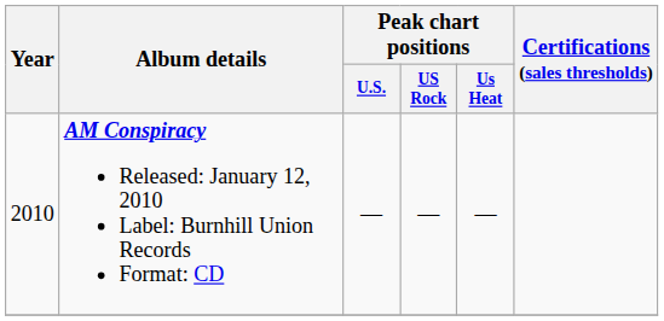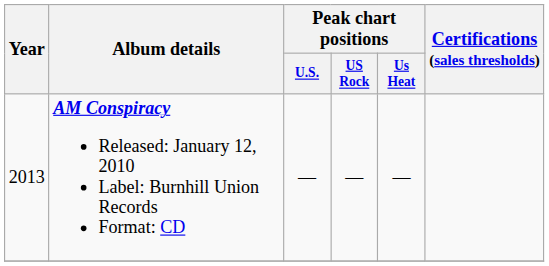 <table class="wikitable">
 <tr>
 <th rowspan="2">Year</th>
 <th rowspan="2" width="200">Album details</th>
 <th colspan="3">Peak chart positions</th>
 <th rowspan="2"><a href='#'>Certifications</a><br><small>(<a href='#'>sales thresholds</a>)</small></th>
 </tr>
 <tr>
 <th style="width:3em;font-size:75%"><a href='#'>U.S.</a></th>
 <th style="width:3em;font-size:75%"><a href='#'>US Rock</a></th>
 <th style="width:3em;font-size:75%"><a href='#'>Us Heat</a></th>
 </tr>
 <tr>
-<td>2010</td>
+<td>2013</td>
 <td align="left"><strong><em><a href='#'>AM Conspiracy</a></em></strong><br><ul><li>Released: January 12, 2010</li><li>Label: Burnhill Union Records</li><li>Format: <a href='#'>CD</a></li></ul></td>
 <td align="center">—</td>
 <td align="center">—</td>
 <td align="center">—</td>
 <td></td>
 </tr>
 <tr>
 </tr>
 </table>
